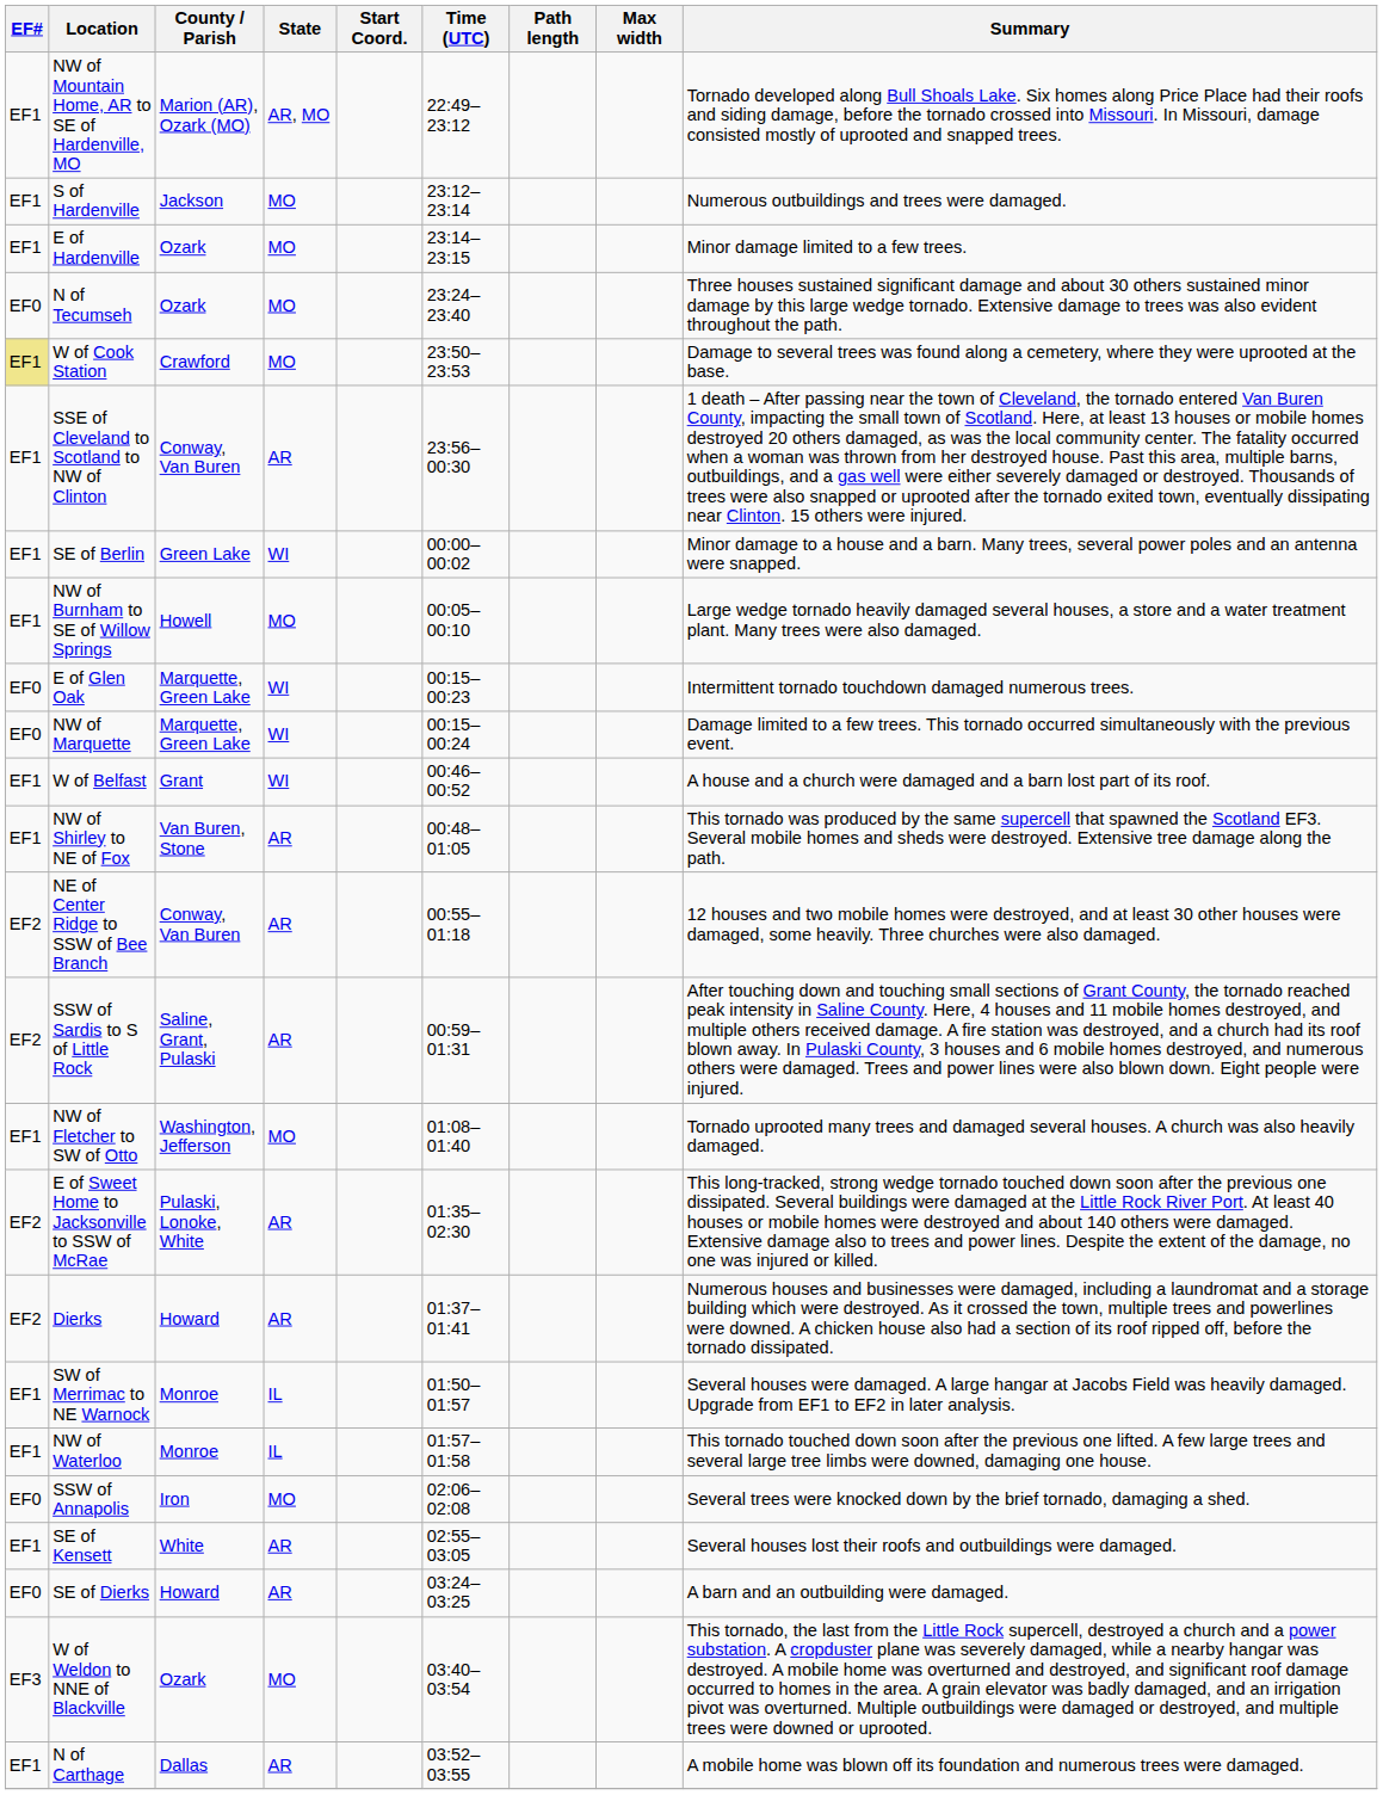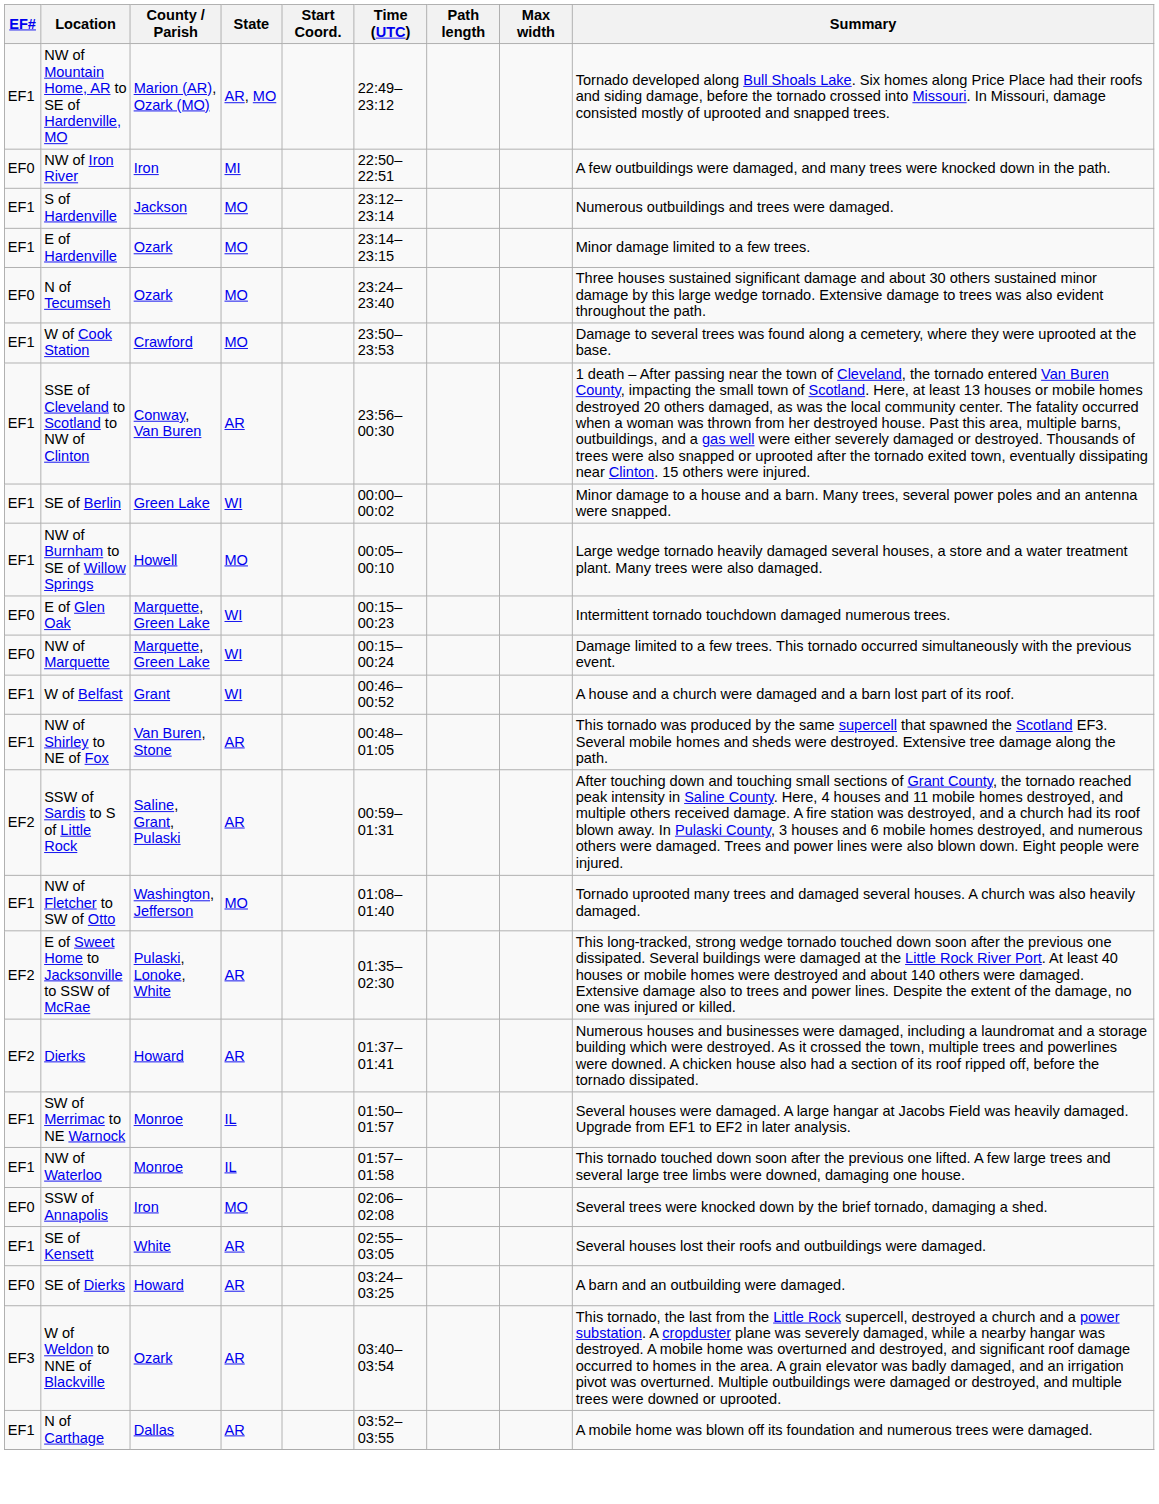 <table class="wikitable sortable" style="width:100%;">
 <tr>
 <th scope="col" width="3%" align="center"><a href='#'>EF#</a></th>
 <th scope="col" width="7%" align="center" class="unsortable">Location</th>
 <th scope="col" width="6%" align="center" class="unsortable">County / Parish</th>
 <th scope="col" width="5%" align="center">State</th>
 <th scope="col" width="6%" align="center">Start Coord.</th>
 <th scope="col" width="6%" align="center">Time (<a href='#'>UTC</a>)</th>
 <th scope="col" width="6%" align="center">Path length</th>
 <th scope="col" width="6%" align="center">Max width</th>
 <th scope="col" width="48%" class="unsortable" align="center">Summary</th>
 </tr>
 <tr>
 <td>EF1</td>
 <td>NW of <a href='#'>Mountain Home, AR</a> to SE of <a href='#'>Hardenville, MO</a></td>
 <td><a href='#'>Marion (AR)</a>, <a href='#'>Ozark (MO)</a></td>
 <td><a href='#'>AR</a>, <a href='#'>MO</a></td>
 <td></td>
 <td>22:49–23:12</td>
 <td></td>
 <td></td>
 <td>Tornado developed along <a href='#'>Bull Shoals Lake</a>. Six homes along Price Place had their roofs and siding damage, before the tornado crossed into <a href='#'>Missouri</a>. In Missouri, damage consisted mostly of uprooted and snapped trees.</td>
+</tr>
+<tr>
+<td>EF0</td>
+<td>NW of <a href='#'>Iron River</a></td>
+<td><a href='#'>Iron</a></td>
+<td><a href='#'>MI</a></td>
+<td></td>
+<td>22:50–22:51</td>
+<td></td>
+<td></td>
+<td>A few outbuildings were damaged, and many trees were knocked down in the path.</td>
 </tr>
 <tr>
 <td>EF1</td>
 <td>S of <a href='#'>Hardenville</a></td>
 <td><a href='#'>Jackson</a></td>
 <td><a href='#'>MO</a></td>
 <td></td>
 <td>23:12–23:14</td>
 <td></td>
 <td></td>
 <td>Numerous outbuildings and trees were damaged.</td>
 </tr>
 <tr>
 <td>EF1</td>
 <td>E of <a href='#'>Hardenville</a></td>
 <td><a href='#'>Ozark</a></td>
 <td><a href='#'>MO</a></td>
 <td></td>
 <td>23:14–23:15</td>
 <td></td>
 <td></td>
 <td>Minor damage limited to a few trees.</td>
 </tr>
 <tr>
 <td>EF0</td>
 <td>N of <a href='#'>Tecumseh</a></td>
 <td><a href='#'>Ozark</a></td>
 <td><a href='#'>MO</a></td>
 <td></td>
 <td>23:24–23:40</td>
 <td></td>
 <td></td>
 <td>Three houses sustained significant damage and about 30 others sustained minor damage by this large wedge tornado. Extensive damage to trees was also evident throughout the path.</td>
 </tr>
 <tr>
-<td style="background: khaki;">EF1</td>
+<td>EF1</td>
 <td>W of <a href='#'>Cook Station</a></td>
 <td><a href='#'>Crawford</a></td>
 <td><a href='#'>MO</a></td>
 <td></td>
 <td>23:50–23:53</td>
 <td></td>
 <td></td>
 <td>Damage to several trees was found along a cemetery, where they were uprooted at the base.</td>
 </tr>
 <tr>
 <td>EF1</td>
 <td>SSE of <a href='#'>Cleveland</a> to  <a href='#'>Scotland</a> to NW of <a href='#'>Clinton</a></td>
 <td><a href='#'>Conway</a>, <a href='#'>Van Buren</a></td>
 <td><a href='#'>AR</a></td>
 <td></td>
 <td>23:56–00:30</td>
 <td></td>
 <td></td>
 <td>1 death – After passing near the town of <a href='#'>Cleveland</a>, the tornado entered <a href='#'>Van Buren County</a>, impacting the small town of <a href='#'>Scotland</a>. Here, at least 13 houses or mobile homes destroyed 20 others damaged, as was the local community center. The fatality occurred when a woman was thrown from her destroyed house. Past this area, multiple barns, outbuildings, and a <a href='#'>gas well</a> were either severely damaged or destroyed. Thousands of trees were also snapped or uprooted after the tornado exited town, eventually dissipating near <a href='#'>Clinton</a>. 15 others were injured.</td>
 </tr>
 <tr>
 <td>EF1</td>
 <td>SE of <a href='#'>Berlin</a></td>
 <td><a href='#'>Green Lake</a></td>
 <td><a href='#'>WI</a></td>
 <td></td>
 <td>00:00–00:02</td>
 <td></td>
 <td></td>
 <td>Minor damage to a house and a barn. Many trees, several power poles and an antenna were snapped.</td>
 </tr>
 <tr>
 <td>EF1</td>
 <td>NW of <a href='#'>Burnham</a> to SE of <a href='#'>Willow Springs</a></td>
 <td><a href='#'>Howell</a></td>
 <td><a href='#'>MO</a></td>
 <td></td>
 <td>00:05–00:10</td>
 <td></td>
 <td></td>
 <td>Large wedge tornado heavily damaged several houses, a store and a water treatment plant. Many trees were also damaged.</td>
 </tr>
 <tr>
 <td>EF0</td>
 <td>E of <a href='#'>Glen Oak</a></td>
 <td><a href='#'>Marquette</a>, <a href='#'>Green Lake</a></td>
 <td><a href='#'>WI</a></td>
 <td></td>
 <td>00:15–00:23</td>
 <td></td>
 <td></td>
 <td>Intermittent tornado touchdown damaged numerous trees.</td>
 </tr>
 <tr>
 <td>EF0</td>
 <td>NW of <a href='#'>Marquette</a></td>
 <td><a href='#'>Marquette</a>, <a href='#'>Green Lake</a></td>
 <td><a href='#'>WI</a></td>
 <td></td>
 <td>00:15–00:24</td>
 <td></td>
 <td></td>
 <td>Damage limited to a few trees. This tornado occurred simultaneously with the previous event.</td>
 </tr>
 <tr>
 <td>EF1</td>
 <td>W of <a href='#'>Belfast</a></td>
 <td><a href='#'>Grant</a></td>
 <td><a href='#'>WI</a></td>
 <td></td>
 <td>00:46–00:52</td>
 <td></td>
 <td></td>
 <td>A house and a church were damaged and a barn lost part of its roof.</td>
 </tr>
 <tr>
 <td>EF1</td>
 <td>NW of <a href='#'>Shirley</a> to NE of <a href='#'>Fox</a></td>
 <td><a href='#'>Van Buren</a>, <a href='#'>Stone</a></td>
 <td><a href='#'>AR</a></td>
 <td></td>
 <td>00:48–01:05</td>
 <td></td>
 <td></td>
 <td>This tornado was produced by the same <a href='#'>supercell</a> that spawned the <a href='#'>Scotland</a> EF3. Several mobile homes and sheds were destroyed. Extensive tree damage along the path.</td>
-</tr>
-<tr>
-<td>EF2</td>
-<td>NE of <a href='#'>Center Ridge</a> to SSW of <a href='#'>Bee Branch</a></td>
-<td><a href='#'>Conway</a>, <a href='#'>Van Buren</a></td>
-<td><a href='#'>AR</a></td>
-<td></td>
-<td>00:55–01:18</td>
-<td></td>
-<td></td>
-<td>12 houses and two mobile homes were destroyed, and at least 30 other houses were damaged, some heavily. Three churches were also damaged.</td>
 </tr>
 <tr>
 <td>EF2</td>
 <td>SSW of <a href='#'>Sardis</a> to S of <a href='#'>Little Rock</a></td>
 <td><a href='#'>Saline</a>, <a href='#'>Grant</a>, <a href='#'>Pulaski</a></td>
 <td><a href='#'>AR</a></td>
 <td></td>
 <td>00:59–01:31</td>
 <td></td>
 <td></td>
 <td>After touching down and touching small sections of <a href='#'>Grant County</a>, the tornado reached peak intensity in <a href='#'>Saline County</a>. Here, 4 houses and 11 mobile homes destroyed, and multiple others received damage. A fire station was destroyed, and a church had its roof blown away. In <a href='#'>Pulaski County</a>, 3 houses and 6 mobile homes destroyed, and numerous others were damaged. Trees and power lines were also blown down. Eight people were injured.</td>
 </tr>
 <tr>
 <td>EF1</td>
 <td>NW of <a href='#'>Fletcher</a> to SW of <a href='#'>Otto</a></td>
 <td><a href='#'>Washington</a>, <a href='#'>Jefferson</a></td>
 <td><a href='#'>MO</a></td>
 <td></td>
 <td>01:08–01:40</td>
 <td></td>
 <td></td>
 <td>Tornado uprooted many trees and damaged several houses. A church was also heavily damaged.</td>
 </tr>
 <tr>
 <td>EF2</td>
 <td>E of <a href='#'>Sweet Home</a> to <a href='#'>Jacksonville</a> to SSW of <a href='#'>McRae</a></td>
 <td><a href='#'>Pulaski</a>, <a href='#'>Lonoke</a>, <a href='#'>White</a></td>
 <td><a href='#'>AR</a></td>
 <td></td>
 <td>01:35–02:30</td>
 <td></td>
 <td></td>
 <td>This long-tracked, strong wedge tornado touched down soon after the previous one dissipated. Several buildings were damaged at the <a href='#'>Little Rock River Port</a>. At least 40 houses or mobile homes were destroyed and about 140 others were damaged. Extensive damage also to trees and power lines. Despite the extent of the damage, no one was injured or killed.</td>
 </tr>
 <tr>
 <td>EF2</td>
 <td><a href='#'>Dierks</a></td>
 <td><a href='#'>Howard</a></td>
 <td><a href='#'>AR</a></td>
 <td></td>
 <td>01:37–01:41</td>
 <td></td>
 <td></td>
 <td>Numerous houses and businesses were damaged, including a laundromat and a storage building which were destroyed. As it crossed the town, multiple trees and powerlines were downed. A chicken house also had a section of its roof ripped off, before the tornado dissipated.</td>
 </tr>
 <tr>
 <td>EF1</td>
 <td>SW of <a href='#'>Merrimac</a> to NE <a href='#'>Warnock</a></td>
 <td><a href='#'>Monroe</a></td>
 <td><a href='#'>IL</a></td>
 <td></td>
 <td>01:50–01:57</td>
 <td></td>
 <td></td>
 <td>Several houses were damaged. A large hangar at Jacobs Field was heavily damaged. Upgrade from EF1 to EF2 in later analysis.</td>
 </tr>
 <tr>
 <td>EF1</td>
 <td>NW of <a href='#'>Waterloo</a></td>
 <td><a href='#'>Monroe</a></td>
 <td><a href='#'>IL</a></td>
 <td></td>
 <td>01:57–01:58</td>
 <td></td>
 <td></td>
 <td>This tornado touched down soon after the previous one lifted. A few large trees and several large tree limbs were downed, damaging one house.</td>
 </tr>
 <tr>
 <td>EF0</td>
 <td>SSW of <a href='#'>Annapolis</a></td>
 <td><a href='#'>Iron</a></td>
 <td><a href='#'>MO</a></td>
 <td></td>
 <td>02:06–02:08</td>
 <td></td>
 <td></td>
 <td>Several trees were knocked down by the brief tornado, damaging a shed.</td>
 </tr>
 <tr>
 <td>EF1</td>
 <td>SE of <a href='#'>Kensett</a></td>
 <td><a href='#'>White</a></td>
 <td><a href='#'>AR</a></td>
 <td></td>
 <td>02:55–03:05</td>
 <td></td>
 <td></td>
 <td>Several houses lost their roofs and outbuildings were damaged.</td>
 </tr>
 <tr>
 <td>EF0</td>
 <td>SE of <a href='#'>Dierks</a></td>
 <td><a href='#'>Howard</a></td>
 <td><a href='#'>AR</a></td>
 <td></td>
 <td>03:24–03:25</td>
 <td></td>
 <td></td>
 <td>A barn and an outbuilding were damaged.</td>
 </tr>
 <tr>
 <td>EF3</td>
 <td>W of <a href='#'>Weldon</a> to NNE of <a href='#'>Blackville</a></td>
 <td><a href='#'>Ozark</a></td>
-<td><a href='#'>MO</a></td>
+<td><a href='#'>AR</a></td>
 <td></td>
 <td>03:40–03:54</td>
 <td></td>
 <td></td>
 <td>This tornado, the last from the <a href='#'>Little Rock</a> supercell, destroyed a church and a <a href='#'>power substation</a>. A <a href='#'>cropduster</a> plane was severely damaged, while a nearby hangar was destroyed. A mobile home was overturned and destroyed, and significant roof damage occurred to homes in the area. A grain elevator was badly damaged, and an irrigation pivot was overturned. Multiple outbuildings were damaged or destroyed, and multiple trees were downed or uprooted.</td>
 </tr>
 <tr>
 <td>EF1</td>
 <td>N of <a href='#'>Carthage</a></td>
 <td><a href='#'>Dallas</a></td>
 <td><a href='#'>AR</a></td>
 <td></td>
 <td>03:52–03:55</td>
 <td></td>
 <td></td>
 <td>A mobile home was blown off its foundation and numerous trees were damaged.</td>
 </tr>
 <tr>
 </tr>
 </table>
